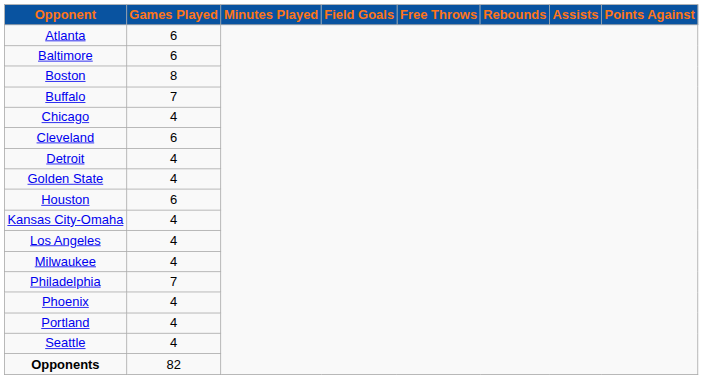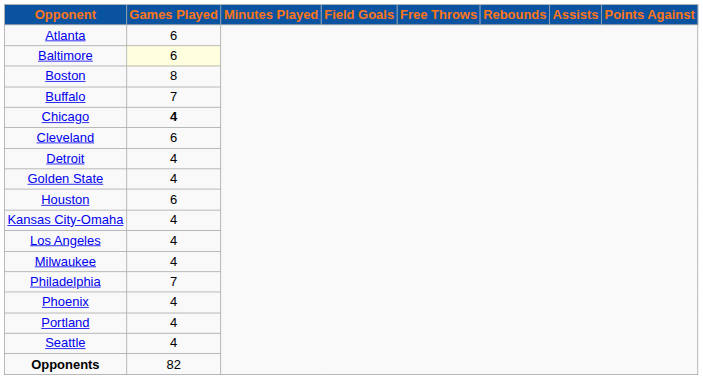 <table class="wikitable">
 <tr>
 <th style="color:#FF7518; background:#0953a0;">Opponent</th>
 <th style="color:#FF7518; background:#0953a0;">Games Played</th>
 <th style="color:#FF7518; background:#0953a0;">Minutes Played</th>
 <th style="color:#FF7518; background:#0953a0;">Field Goals</th>
 <th style="color:#FF7518; background:#0953a0;">Free Throws</th>
 <th style="color:#FF7518; background:#0953a0;">Rebounds</th>
 <th style="color:#FF7518; background:#0953a0;">Assists</th>
 <th style="color:#FF7518; background:#0953a0;">Points Against</th>
 </tr>
 <tr align="center">
 <td><a href='#'>Atlanta</a></td>
 <td>6</td>
 </tr>
 <tr align="center">
 <td><a href='#'>Baltimore</a></td>
-<td>6</td>
+<td style="background: lightyellow;">6</td>
 </tr>
 <tr align="center">
 <td><a href='#'>Boston</a></td>
 <td>8</td>
 </tr>
 <tr align="center">
 <td><a href='#'>Buffalo</a></td>
 <td>7</td>
 </tr>
 <tr align="center">
 <td><a href='#'>Chicago</a></td>
-<td>4</td>
+<td><strong>4</strong></td>
 </tr>
 <tr align="center">
 <td><a href='#'>Cleveland</a></td>
 <td>6</td>
 </tr>
 <tr align="center">
 <td><a href='#'>Detroit</a></td>
 <td>4</td>
 </tr>
 <tr align="center">
 <td><a href='#'>Golden State</a></td>
 <td>4</td>
 </tr>
 <tr align="center">
 <td><a href='#'>Houston</a></td>
 <td>6</td>
 </tr>
 <tr align="center">
 <td><a href='#'>Kansas City-Omaha</a></td>
 <td>4</td>
 </tr>
 <tr align="center">
 <td><a href='#'>Los Angeles</a></td>
 <td>4</td>
 </tr>
 <tr align="center">
 <td><a href='#'>Milwaukee</a></td>
 <td>4</td>
 </tr>
 <tr align="center">
 <td><a href='#'>Philadelphia</a></td>
 <td>7</td>
 </tr>
 <tr align="center">
 <td><a href='#'>Phoenix</a></td>
 <td>4</td>
 </tr>
 <tr align="center">
 <td><a href='#'>Portland</a></td>
 <td>4</td>
 </tr>
 <tr align="center">
 <td><a href='#'>Seattle</a></td>
 <td>4</td>
 </tr>
 <tr align="center">
 <td><strong>Opponents</strong></td>
 <td>82</td>
 </tr>
 </table>
